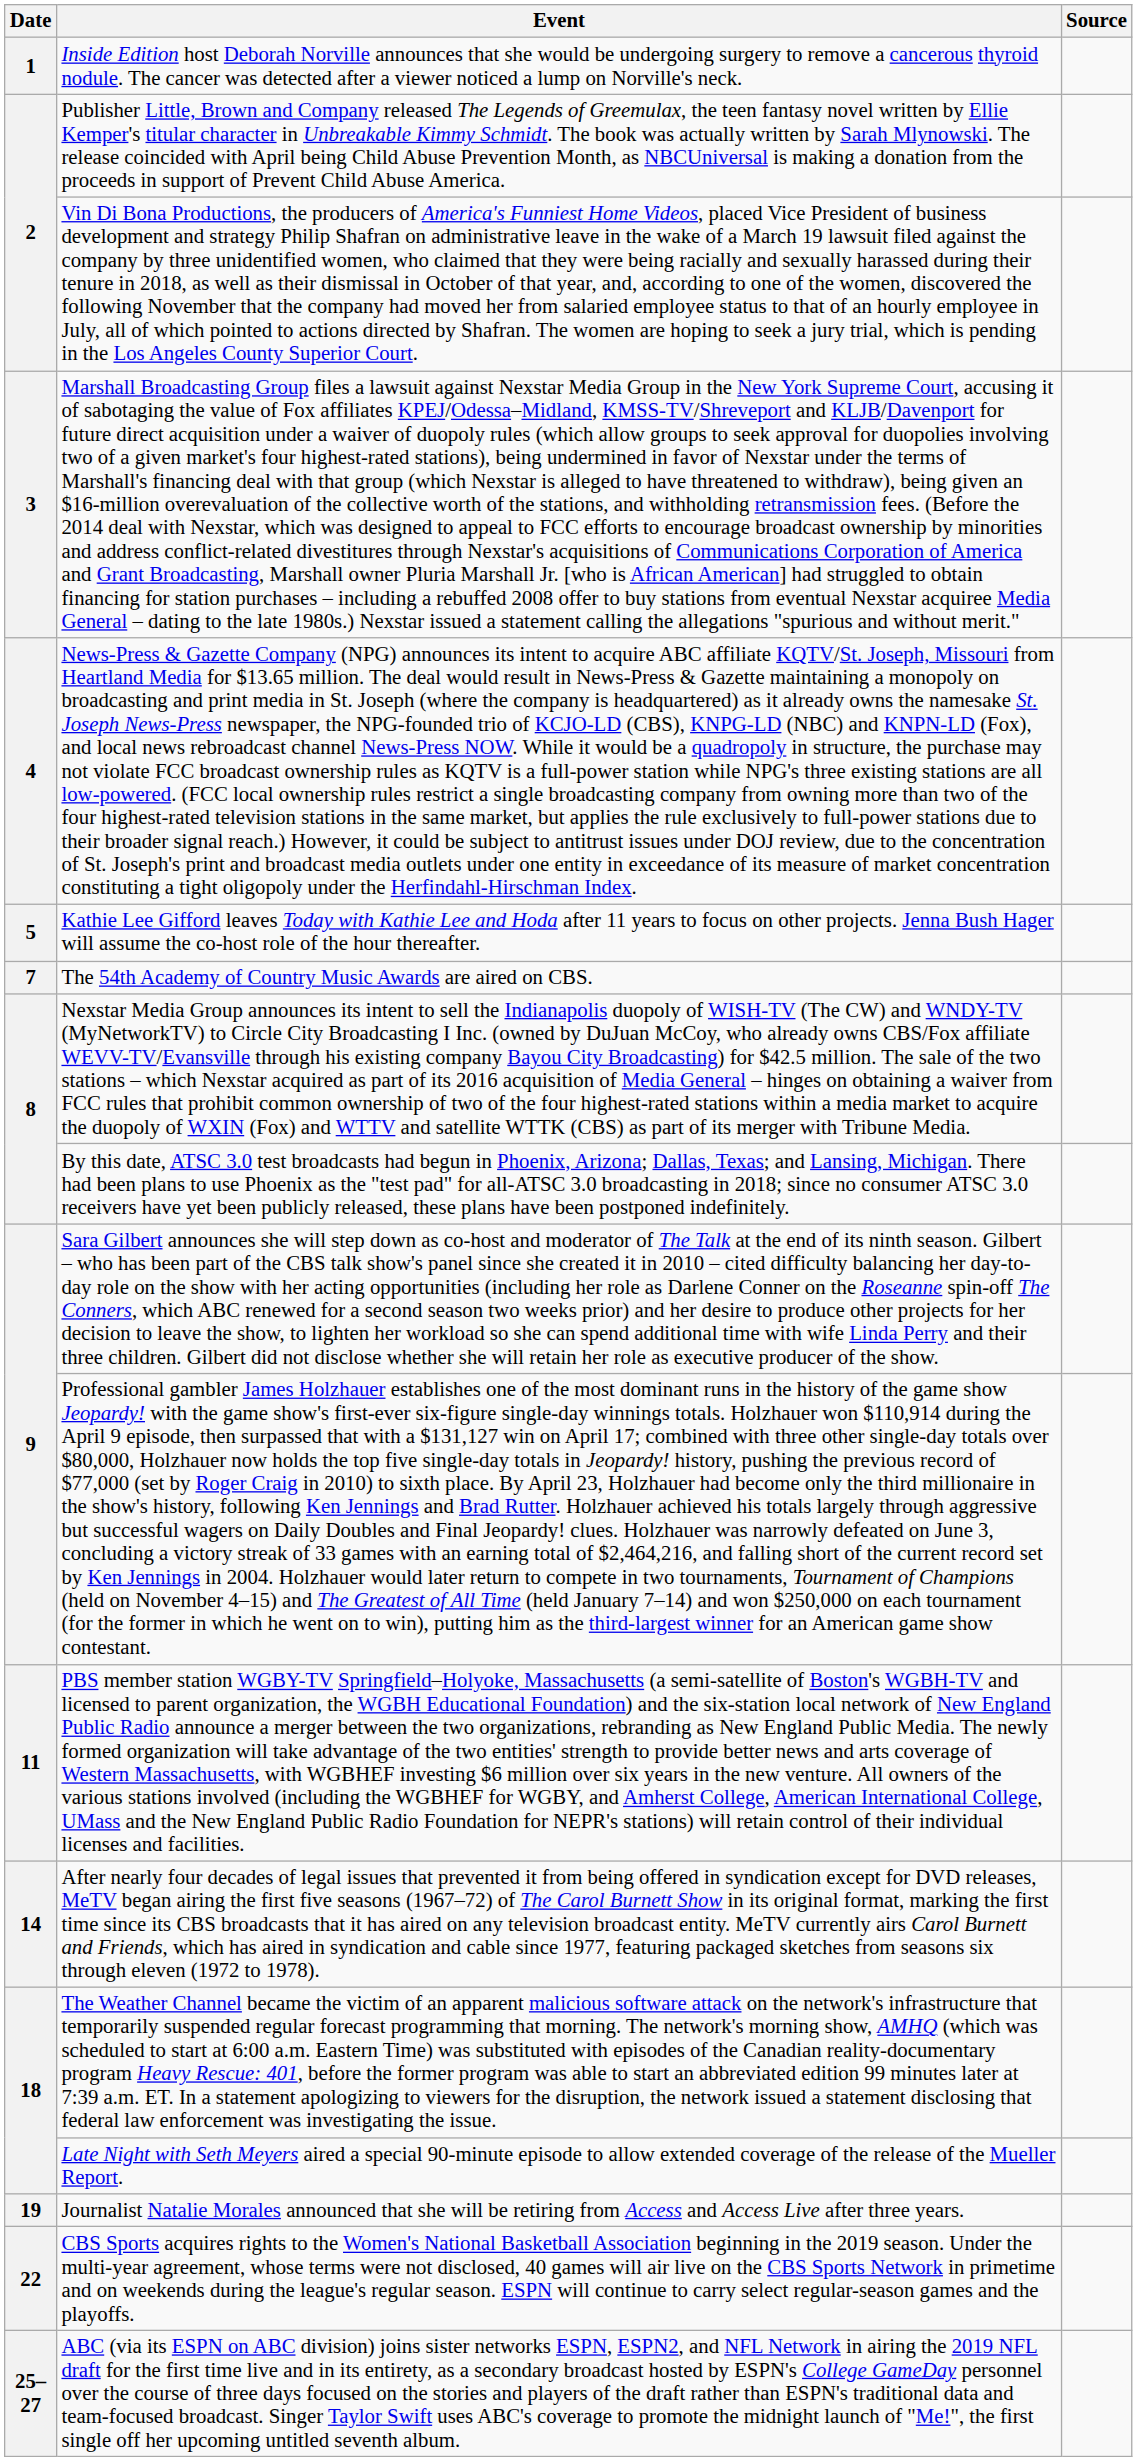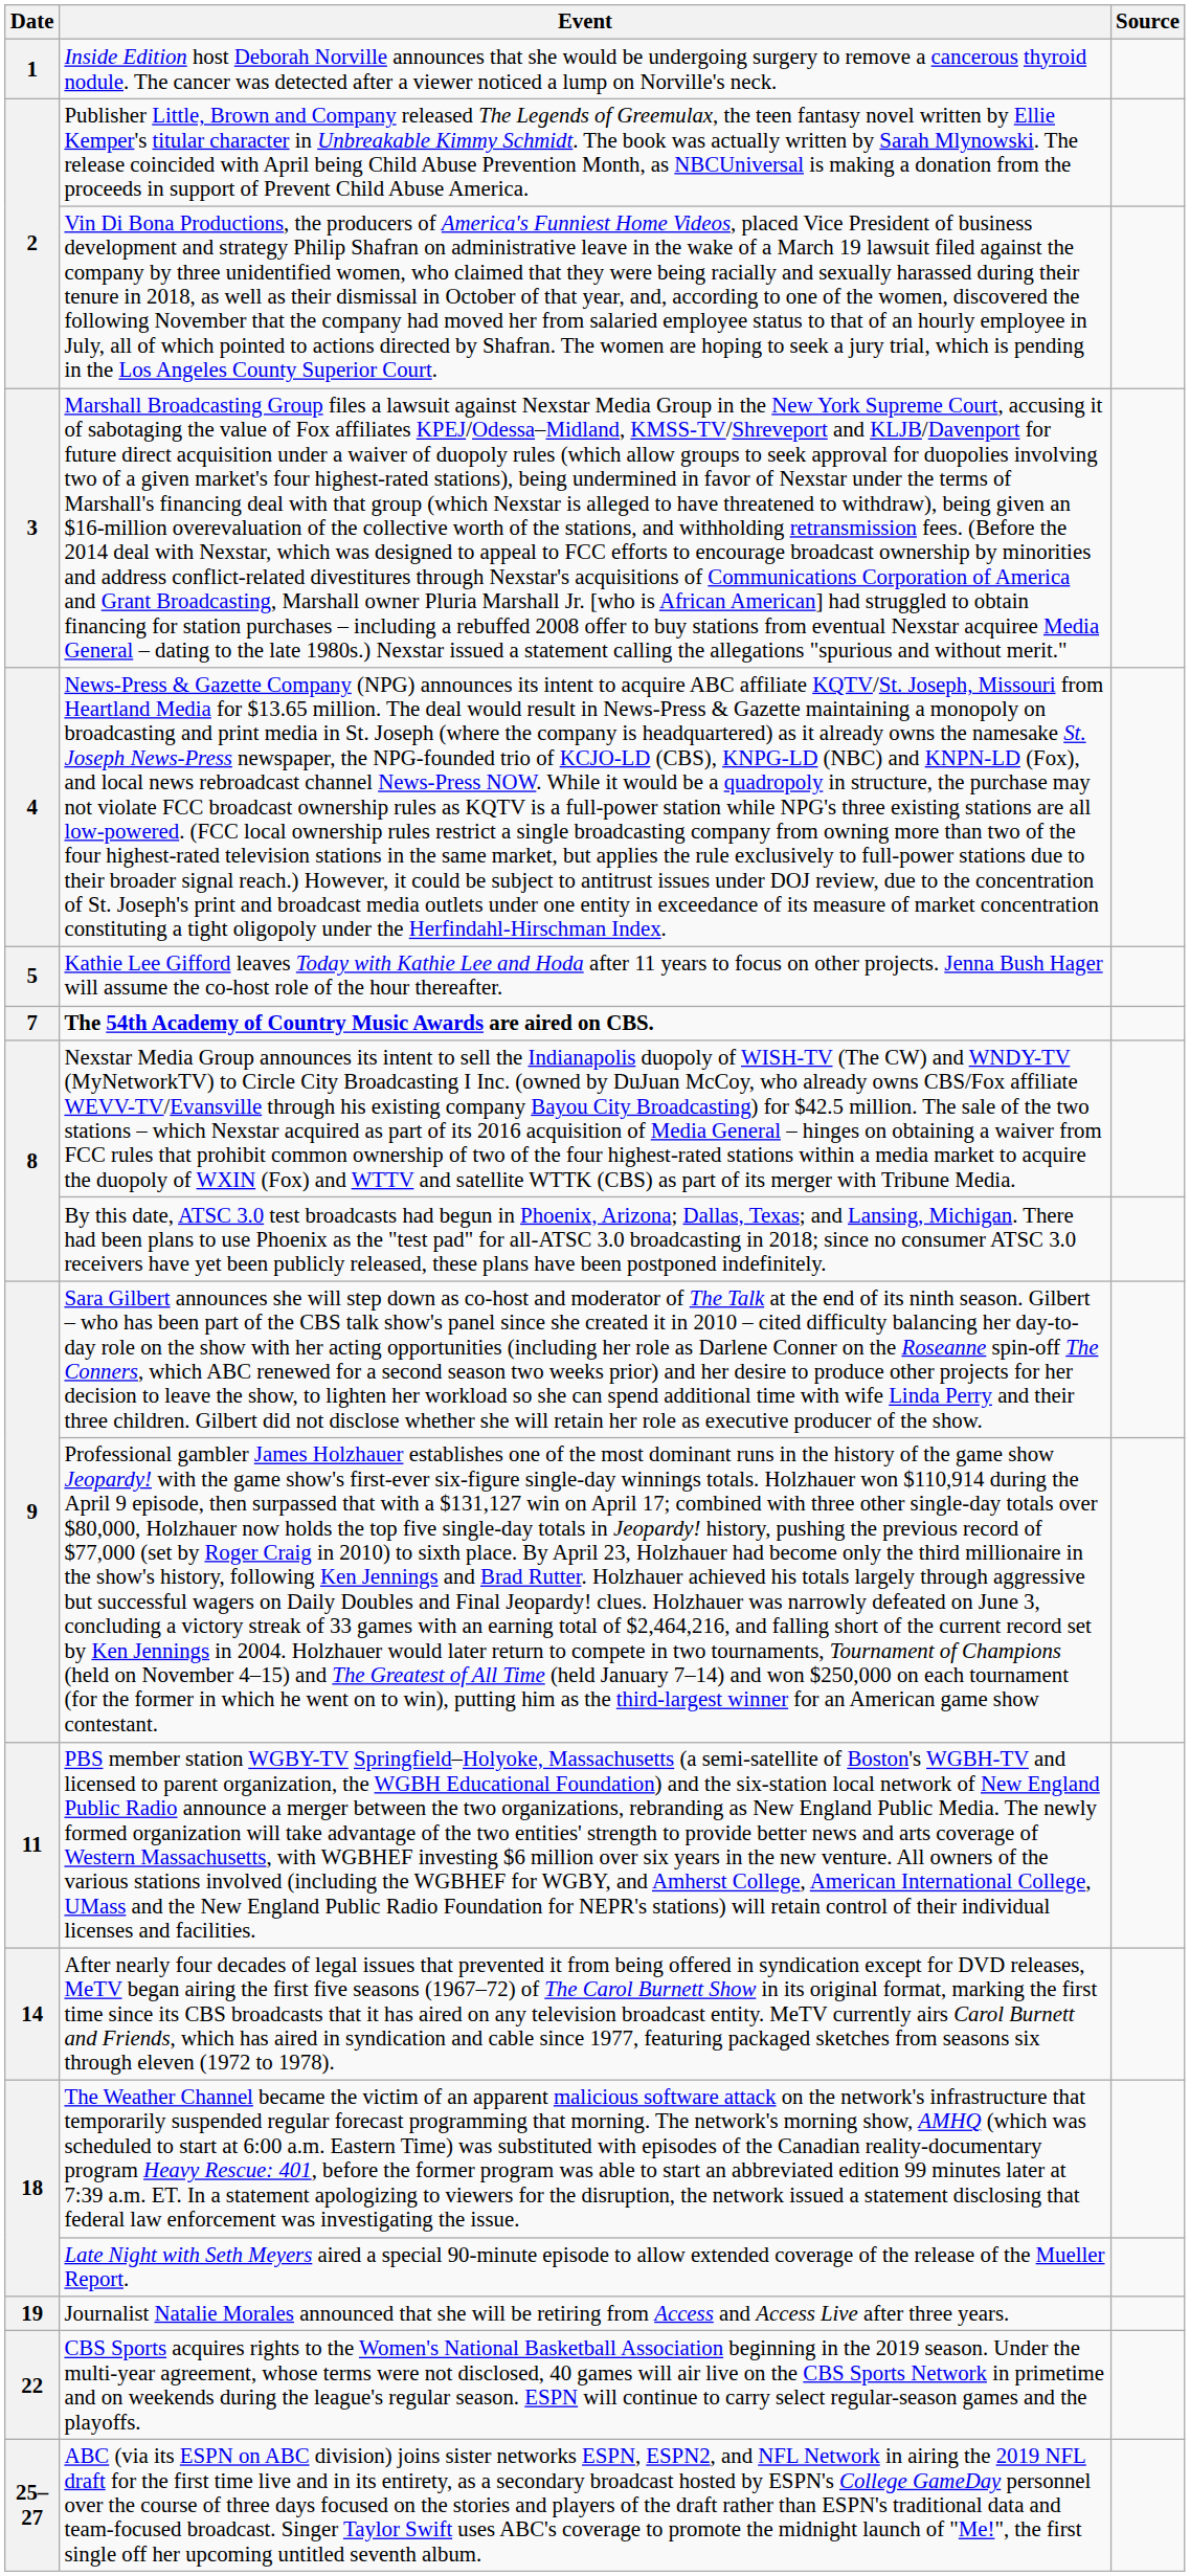 <table class="wikitable">
 <tr>
 <th>Date</th>
 <th>Event</th>
 <th>Source</th>
 </tr>
 <tr>
 <th>1</th>
 <td><em><a href='#'>Inside Edition</a></em> host <a href='#'>Deborah Norville</a> announces that she would be undergoing surgery to remove a <a href='#'>cancerous</a> <a href='#'>thyroid nodule</a>. The cancer was detected after a viewer noticed a lump on Norville's neck.</td>
 <td></td>
 </tr>
 <tr>
 <th rowspan="2">2</th>
 <td>Publisher <a href='#'>Little, Brown and Company</a> released <em>The Legends of Greemulax</em>, the teen fantasy novel written by <a href='#'>Ellie Kemper</a>'s <a href='#'>titular character</a> in <em><a href='#'>Unbreakable Kimmy Schmidt</a></em>. The book was actually written by <a href='#'>Sarah Mlynowski</a>. The release coincided with April being Child Abuse Prevention Month, as <a href='#'>NBCUniversal</a> is making a donation from the proceeds in support of Prevent Child Abuse America.</td>
 <td></td>
 </tr>
 <tr>
 <td><a href='#'>Vin Di Bona Productions</a>, the producers of <em><a href='#'>America's Funniest Home Videos</a></em>, placed Vice President of business development and strategy Philip Shafran on administrative leave in the wake of a March 19 lawsuit filed against the company by three unidentified women, who claimed that they were being racially and sexually harassed during their tenure in 2018, as well as their dismissal in October of that year, and, according to one of the women, discovered the following November that the company had moved her from salaried employee status to that of an hourly employee in July, all of which pointed to actions directed by Shafran. The women are hoping to seek a jury trial, which is pending in the <a href='#'>Los Angeles County Superior Court</a>.</td>
 <td></td>
 </tr>
 <tr>
 <th>3</th>
 <td><a href='#'>Marshall Broadcasting Group</a> files a lawsuit against Nexstar Media Group in the <a href='#'>New York Supreme Court</a>, accusing it of sabotaging the value of Fox affiliates <a href='#'>KPEJ</a>/<a href='#'>Odessa</a>–<a href='#'>Midland</a>, <a href='#'>KMSS-TV</a>/<a href='#'>Shreveport</a> and <a href='#'>KLJB</a>/<a href='#'>Davenport</a> for future direct acquisition under a waiver of duopoly rules (which allow groups to seek approval for duopolies involving two of a given market's four highest-rated stations), being undermined in favor of Nexstar under the terms of Marshall's financing deal with that group (which Nexstar is alleged to have threatened to withdraw), being given an $16-million overevaluation of the collective worth of the stations, and withholding <a href='#'>retransmission</a> fees. (Before the 2014 deal with Nexstar, which was designed to appeal to FCC efforts to encourage broadcast ownership by minorities and address conflict-related divestitures through Nexstar's acquisitions of <a href='#'>Communications Corporation of America</a> and <a href='#'>Grant Broadcasting</a>, Marshall owner Pluria Marshall Jr. [who is <a href='#'>African American</a>] had struggled to obtain financing for station purchases – including a rebuffed 2008 offer to buy stations from eventual Nexstar acquiree <a href='#'>Media General</a> – dating to the late 1980s.) Nexstar issued a statement calling the allegations "spurious and without merit."</td>
 <td></td>
 </tr>
 <tr>
 <th>4</th>
 <td><a href='#'>News-Press & Gazette Company</a> (NPG) announces its intent to acquire ABC affiliate <a href='#'>KQTV</a>/<a href='#'>St. Joseph, Missouri</a> from <a href='#'>Heartland Media</a> for $13.65 million. The deal would result in News-Press & Gazette maintaining a monopoly on broadcasting and print media in St. Joseph (where the company is headquartered) as it already owns the namesake <em><a href='#'>St. Joseph News-Press</a></em> newspaper, the NPG-founded trio of <a href='#'>KCJO-LD</a> (CBS), <a href='#'>KNPG-LD</a> (NBC) and <a href='#'>KNPN-LD</a> (Fox), and local news rebroadcast channel <a href='#'>News-Press NOW</a>. While it would be a <a href='#'>quadropoly</a> in structure, the purchase may not violate FCC broadcast ownership rules as KQTV is a full-power station while NPG's three existing stations are all <a href='#'>low-powered</a>. (FCC local ownership rules restrict a single broadcasting company from owning more than two of the four highest-rated television stations in the same market, but applies the rule exclusively to full-power stations due to their broader signal reach.) However, it could be subject to antitrust issues under DOJ review, due to the concentration of St. Joseph's print and broadcast media outlets under one entity in exceedance of its measure of market concentration constituting a tight oligopoly under the <a href='#'>Herfindahl-Hirschman Index</a>.</td>
 <td></td>
 </tr>
 <tr>
 <th>5</th>
 <td><a href='#'>Kathie Lee Gifford</a> leaves <em><a href='#'>Today with Kathie Lee and Hoda</a></em> after 11 years to focus on other projects. <a href='#'>Jenna Bush Hager</a> will assume the co-host role of the hour thereafter.</td>
 <td><br></td>
 </tr>
 <tr>
 <th>7</th>
-<td>The <a href='#'>54th Academy of Country Music Awards</a> are aired on CBS.</td>
+<td><strong>The <a href='#'>54th Academy of Country Music Awards</a> are aired on CBS.</strong></td>
 <td></td>
 </tr>
 <tr>
 <th rowspan=2>8</th>
 <td>Nexstar Media Group announces its intent to sell the <a href='#'>Indianapolis</a> duopoly of <a href='#'>WISH-TV</a> (The CW) and <a href='#'>WNDY-TV</a> (MyNetworkTV) to Circle City Broadcasting I Inc. (owned by DuJuan McCoy, who already owns CBS/Fox affiliate <a href='#'>WEVV-TV</a>/<a href='#'>Evansville</a> through his existing company <a href='#'>Bayou City Broadcasting</a>) for $42.5 million. The sale of the two stations – which Nexstar acquired as part of its 2016 acquisition of <a href='#'>Media General</a> – hinges on obtaining a waiver from FCC rules that prohibit common ownership of two of the four highest-rated stations within a media market to acquire the duopoly of <a href='#'>WXIN</a> (Fox) and <a href='#'>WTTV</a> and satellite WTTK (CBS) as part of its merger with Tribune Media.</td>
 <td></td>
 </tr>
 <tr>
 <td>By this date, <a href='#'>ATSC 3.0</a> test broadcasts had begun in <a href='#'>Phoenix, Arizona</a>; <a href='#'>Dallas, Texas</a>; and <a href='#'>Lansing, Michigan</a>. There had been plans to use Phoenix as the "test pad" for all-ATSC 3.0 broadcasting in 2018; since no consumer ATSC 3.0 receivers have yet been publicly released, these plans have been postponed indefinitely.</td>
 <td></td>
 </tr>
 <tr>
 <th rowspan=2>9</th>
 <td><a href='#'>Sara Gilbert</a> announces she will step down as co-host and moderator of <em><a href='#'>The Talk</a></em> at the end of its ninth season. Gilbert – who has been part of the CBS talk show's panel since she created it in 2010 – cited difficulty balancing her day-to-day role on the show with her acting opportunities (including her role as Darlene Conner on the <em><a href='#'>Roseanne</a></em> spin-off <em><a href='#'>The Conners</a></em>, which ABC renewed for a second season two weeks prior) and her desire to produce other projects for her decision to leave the show, to lighten her workload so she can spend additional time with wife <a href='#'>Linda Perry</a> and their three children. Gilbert did not disclose whether she will retain her role as executive producer of the show.</td>
 <td></td>
 </tr>
 <tr>
 <td>Professional gambler <a href='#'>James Holzhauer</a> establishes one of the most dominant runs in the history of the game show <em><a href='#'>Jeopardy!</a></em> with the game show's first-ever six-figure single-day winnings totals. Holzhauer won $110,914 during the April 9 episode, then surpassed that with a $131,127 win on April 17; combined with three other single-day totals over $80,000, Holzhauer now holds the top five single-day totals in <em>Jeopardy!</em> history, pushing the previous record of $77,000 (set by <a href='#'>Roger Craig</a> in 2010) to sixth place. By April 23, Holzhauer had become only the third millionaire in the show's history, following <a href='#'>Ken Jennings</a> and <a href='#'>Brad Rutter</a>. Holzhauer achieved his totals largely through aggressive but successful wagers on Daily Doubles and Final Jeopardy! clues. Holzhauer was narrowly defeated on June 3, concluding a victory streak of 33 games with an earning total of $2,464,216, and falling short of the current record set by <a href='#'>Ken Jennings</a> in 2004. Holzhauer would later return to compete in two tournaments, <em>Tournament of Champions</em> (held on November 4–15) and <em><a href='#'>The Greatest of All Time</a></em> (held January 7–14) and won $250,000 on each tournament (for the former in which he went on to win), putting him as the <a href='#'>third-largest winner</a> for an American game show contestant.</td>
 <td><br><br></td>
 </tr>
 <tr>
 <th>11</th>
 <td><a href='#'>PBS</a> member station <a href='#'>WGBY-TV</a> <a href='#'>Springfield</a>–<a href='#'>Holyoke, Massachusetts</a> (a semi-satellite of <a href='#'>Boston</a>'s <a href='#'>WGBH-TV</a> and licensed to parent organization, the <a href='#'>WGBH Educational Foundation</a>) and the six-station local network of <a href='#'>New England Public Radio</a> announce a merger between the two organizations, rebranding as New England Public Media. The newly formed organization will take advantage of the two entities' strength to provide better news and arts coverage of <a href='#'>Western Massachusetts</a>, with WGBHEF investing $6 million over six years in the new venture. All owners of the various stations involved (including the WGBHEF for WGBY, and <a href='#'>Amherst College</a>, <a href='#'>American International College</a>, <a href='#'>UMass</a> and the New England Public Radio Foundation for NEPR's stations) will retain control of their individual licenses and facilities.</td>
 <td><br></td>
 </tr>
 <tr>
 <th>14</th>
 <td>After nearly four decades of legal issues that prevented it from being offered in syndication except for DVD releases, <a href='#'>MeTV</a> began airing the first five seasons (1967–72) of <em><a href='#'>The Carol Burnett Show</a></em> in its original format, marking the first time since its CBS broadcasts that it has aired on any television broadcast entity. MeTV currently airs <em>Carol Burnett and Friends</em>, which has aired in syndication and cable since 1977, featuring packaged sketches from seasons six through eleven (1972 to 1978).</td>
 <td></td>
 </tr>
 <tr>
 <th rowspan=2>18</th>
 <td><a href='#'>The Weather Channel</a> became the victim of an apparent <a href='#'>malicious software attack</a> on the network's infrastructure that temporarily suspended regular forecast programming that morning. The network's morning show, <em><a href='#'>AMHQ</a></em> (which was scheduled to start at 6:00 a.m. Eastern Time) was substituted with episodes of the Canadian reality-documentary program <em><a href='#'>Heavy Rescue: 401</a></em>, before the former program was able to start an abbreviated edition 99 minutes later at 7:39 a.m. ET. In a statement apologizing to viewers for the disruption, the network issued a statement disclosing that federal law enforcement was investigating the issue.</td>
 <td></td>
 </tr>
 <tr>
 <td><em><a href='#'>Late Night with Seth Meyers</a></em> aired a special 90-minute episode to allow extended coverage of the release of the <a href='#'>Mueller Report</a>.</td>
 <td></td>
 </tr>
 <tr>
 <th>19</th>
 <td>Journalist <a href='#'>Natalie Morales</a> announced that she will be retiring from <em><a href='#'>Access</a></em> and <em>Access Live</em> after three years.</td>
 <td></td>
 </tr>
 <tr>
 <th>22</th>
 <td><a href='#'>CBS Sports</a> acquires rights to the <a href='#'>Women's National Basketball Association</a> beginning in the 2019 season. Under the multi-year agreement, whose terms were not disclosed, 40 games will air live on the <a href='#'>CBS Sports Network</a> in primetime and on weekends during the league's regular season. <a href='#'>ESPN</a> will continue to carry select regular-season games and the playoffs.</td>
 <td></td>
 </tr>
 <tr>
 <th>25–27</th>
 <td><a href='#'>ABC</a> (via its <a href='#'>ESPN on ABC</a> division) joins sister networks <a href='#'>ESPN</a>, <a href='#'>ESPN2</a>, and <a href='#'>NFL Network</a> in airing the <a href='#'>2019 NFL draft</a> for the first time live and in its entirety, as a secondary broadcast hosted by ESPN's <em><a href='#'>College GameDay</a></em> personnel over the course of three days focused on the stories and players of the draft rather than ESPN's traditional data and team-focused broadcast. Singer <a href='#'>Taylor Swift</a> uses ABC's coverage to promote the midnight launch of "<a href='#'>Me!</a>", the first single off her upcoming untitled seventh album.</td>
 <td></td>
 </tr>
 </table>
